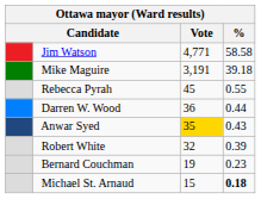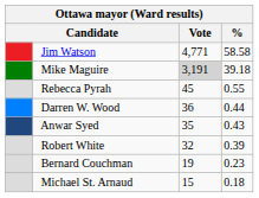 <table class="wikitable">
 <tr>
 <th colspan="4">Ottawa mayor (Ward results)</th>
 </tr>
 <tr>
 <th bgcolor="#DDDDFF" width="230px" colspan="2">Candidate</th>
 <th bgcolor="#DDDDFF" width="50px">Vote</th>
 <th bgcolor="#DDDDFF" width="30px">%</th>
 </tr>
 <tr>
 <td bgcolor=#ED1D24 width="30px"> </td>
 <td>  <a href='#'>Jim Watson</a></td>
 <td>4,771</td>
 <td>58.58</td>
 </tr>
 <tr>
 <td bgcolor=#008000 width="30px"> </td>
 <td>  Mike Maguire</td>
-<td>3,191</td>
+<td style="background: lightgrey;">3,191</td>
 <td>39.18</td>
 </tr>
 <tr>
 <td bgcolor=#DCDCDC width="30px"> </td>
 <td>  Rebecca Pyrah</td>
 <td>45</td>
 <td>0.55</td>
 </tr>
 <tr>
 <td bgcolor=#007FFF width="30px"> </td>
 <td>  Darren W. Wood</td>
 <td>36</td>
 <td>0.44</td>
 </tr>
 <tr>
 <td bgcolor=#20487E width="30px"> </td>
 <td>  Anwar Syed</td>
-<td style="background: gold;">35</td>
+<td>35</td>
 <td>0.43</td>
 </tr>
 <tr>
 <td bgcolor=#DCDCDC width="30px"> </td>
 <td>  Robert White</td>
 <td>32</td>
 <td>0.39</td>
 </tr>
 <tr>
 <td bgcolor=#DCDCDC width="30px"> </td>
 <td>  Bernard Couchman</td>
 <td>19</td>
 <td>0.23</td>
 </tr>
 <tr>
 <td bgcolor=#DCDCDC width="30px"> </td>
 <td>  Michael St. Arnaud</td>
 <td>15</td>
-<td><strong>0.18</strong></td>
+<td>0.18</td>
 </tr>
 </table>
